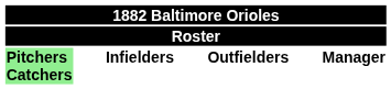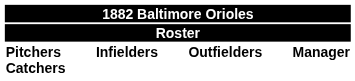 <table class="toccolours" style="font-size: 95%;">
 <tr>
 <th colspan="10" style="background-color: black; color: white; text-align: center;">1882 Baltimore Orioles</th>
 </tr>
 <tr>
 <td colspan="10" style="background-color: black; color: white; text-align: center;"><strong>Roster</strong></td>
 </tr>
 <tr>
-<td valign="top" style="background: lightgreen;"><strong>Pitchers</strong><br>     <strong>Catchers</strong>  </td>
+<td valign="top"><strong>Pitchers</strong><br>     <strong>Catchers</strong>  </td>
 <td width="25px"></td>
 <td valign="top"><strong>Infielders</strong><br>        </td>
 <td width="25px"></td>
 <td valign="top"><strong>Outfielders</strong><br>      </td>
 <td width="25px"></td>
 <td valign="top"><strong>Manager</strong><br></td>
 </tr>
 </table>
